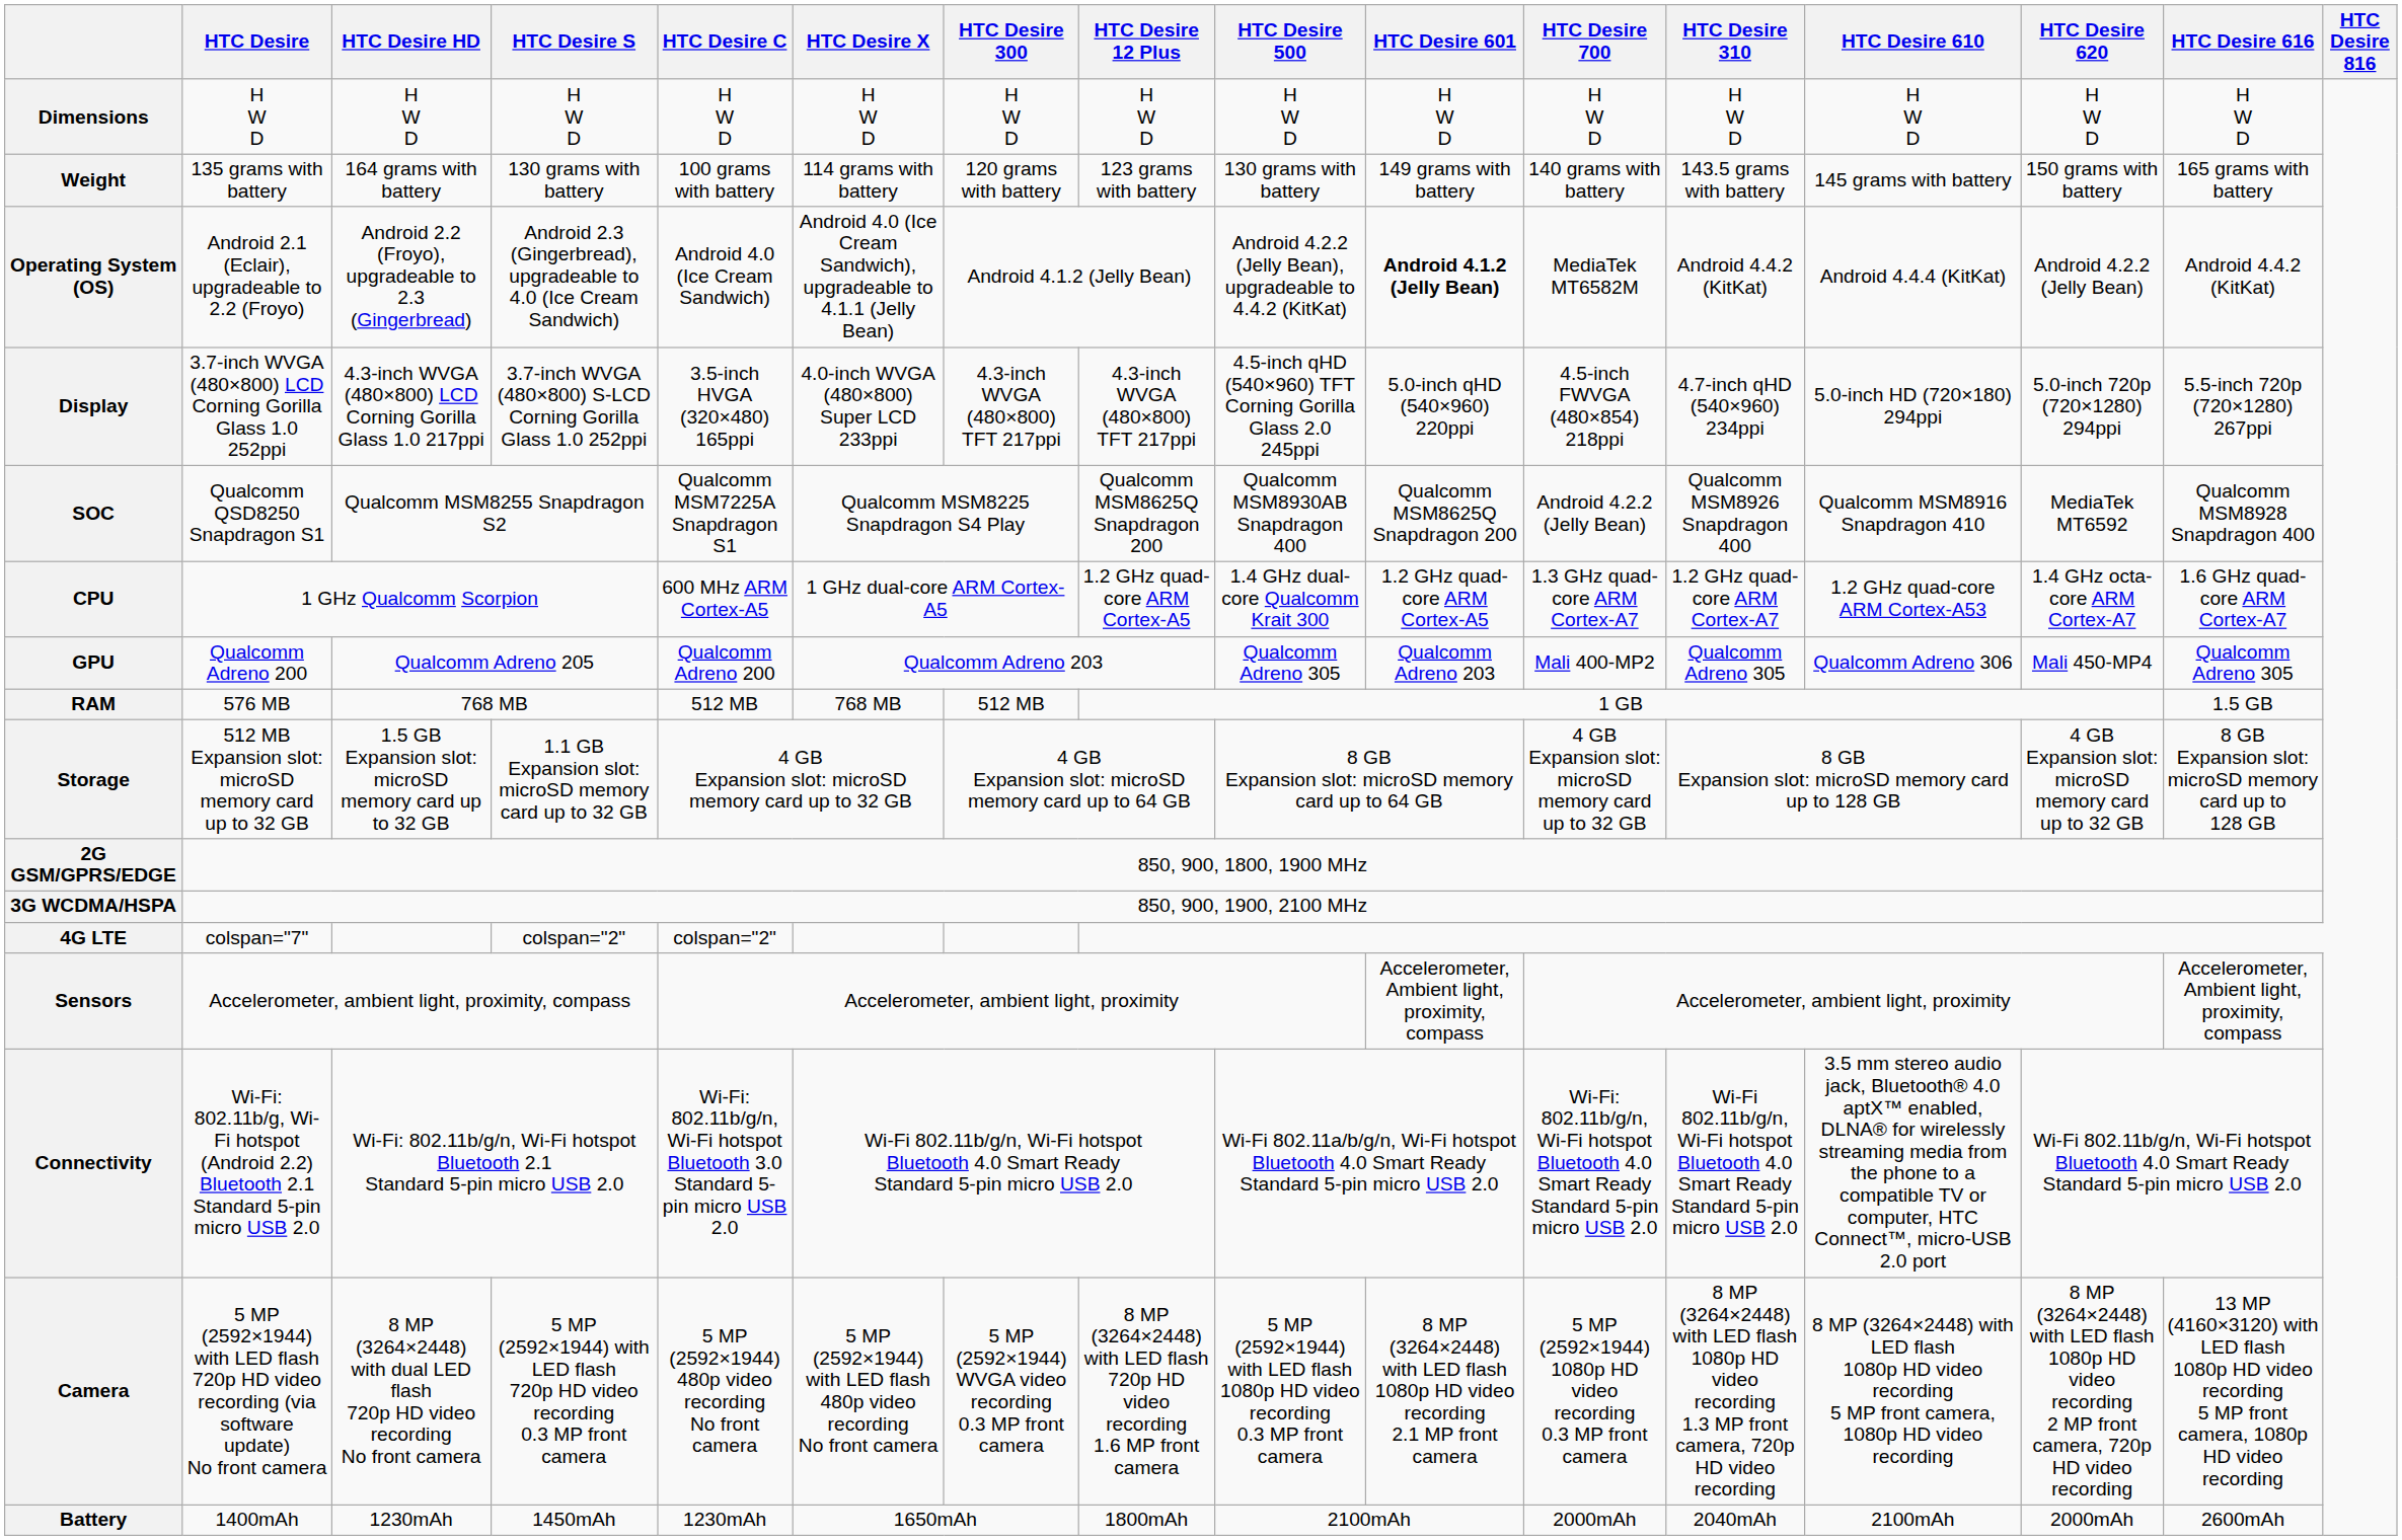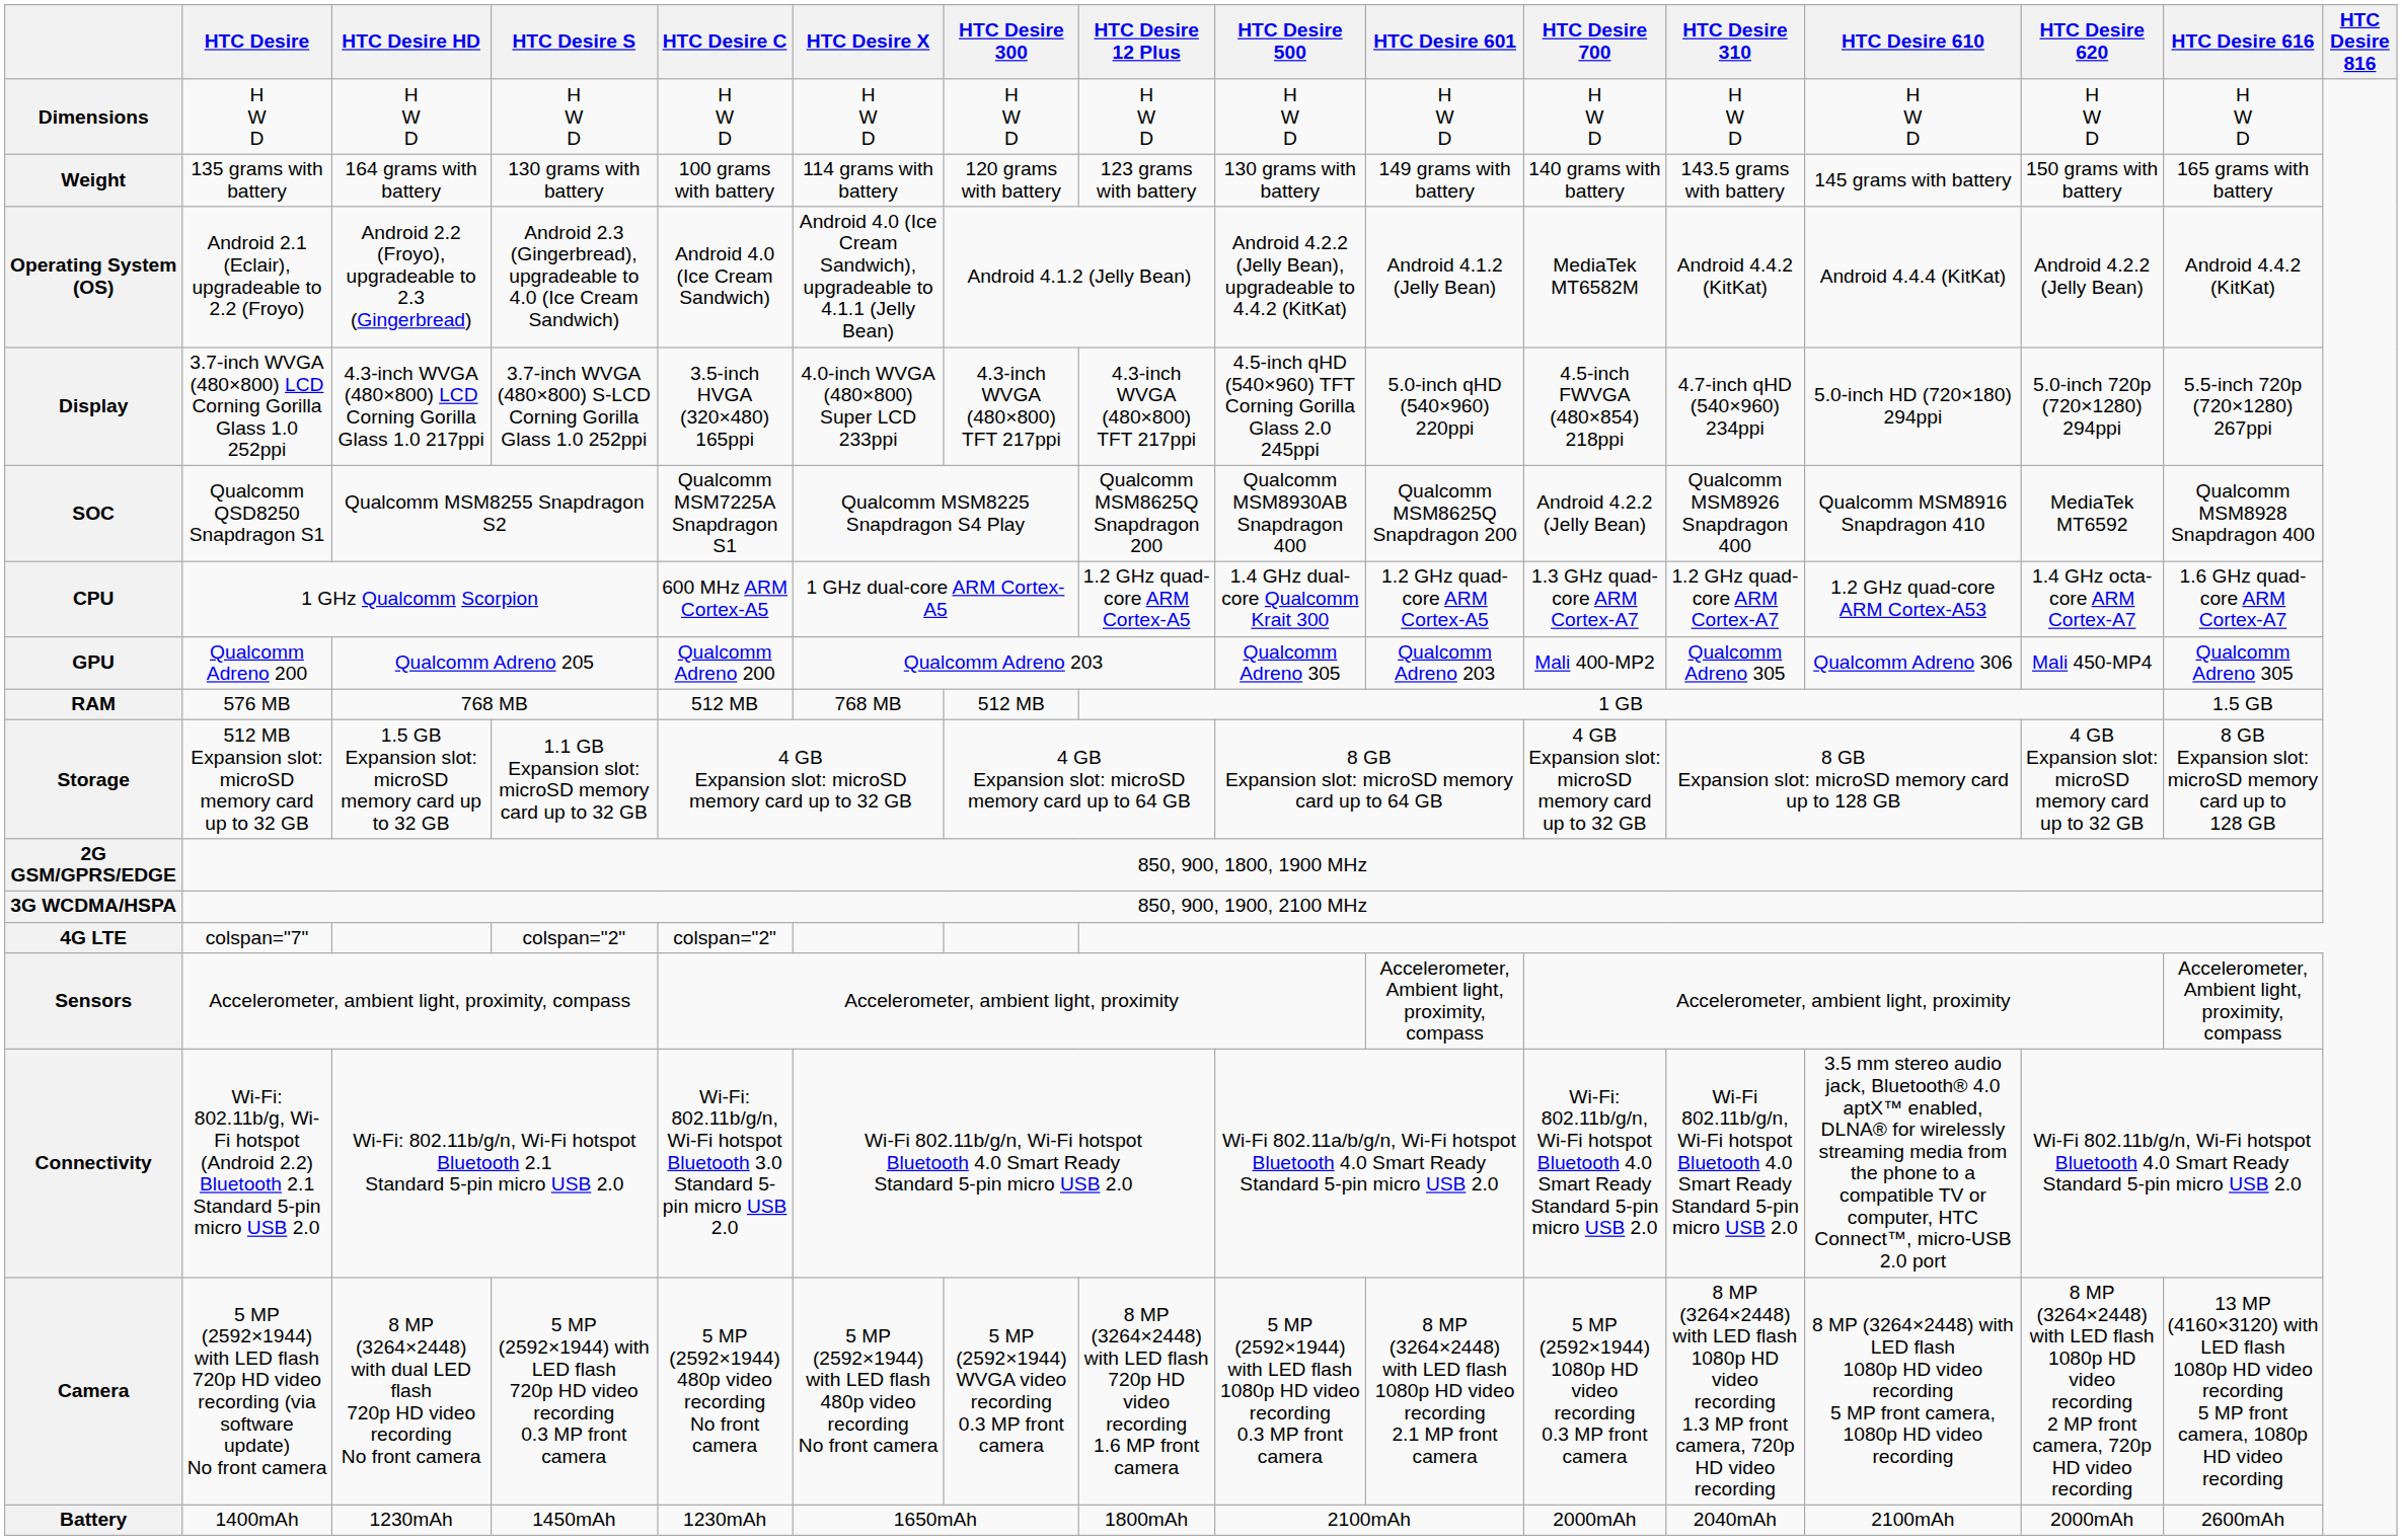 <table class="wikitable" style="text-align:center;">
 <tr>
 <th></th>
 <th><a href='#'>HTC Desire</a></th>
 <th><a href='#'>HTC Desire HD</a></th>
 <th><a href='#'>HTC Desire S</a></th>
 <th><a href='#'>HTC Desire C</a></th>
 <th><a href='#'>HTC Desire X</a></th>
 <th><a href='#'>HTC Desire 300</a></th>
 <th><a href='#'>HTC Desire 12 Plus</a></th>
 <th><a href='#'>HTC Desire 500</a></th>
 <th><a href='#'>HTC Desire 601</a></th>
 <th><a href='#'>HTC Desire 700</a></th>
 <th><a href='#'>HTC Desire 310</a></th>
 <th><a href='#'>HTC Desire 610</a></th>
 <th><a href='#'>HTC Desire 620</a></th>
 <th><a href='#'>HTC Desire 616</a></th>
 <th><a href='#'>HTC Desire 816</a></th>
 </tr>
 <tr>
 <th>Dimensions</th>
 <td>H <br>  W <br>  D </td>
 <td>H <br>  W <br>  D </td>
 <td>H <br>  W <br>  D </td>
 <td>H <br>  W <br>  D </td>
 <td>H <br>  W <br>  D </td>
 <td>H <br>  W <br>  D </td>
 <td>H <br>  W <br>  D </td>
 <td>H <br>  W <br>  D </td>
 <td>H <br>  W <br>  D </td>
 <td>H <br>  W <br>  D </td>
 <td>H <br>  W <br>  D </td>
 <td>H <br>  W <br>  D </td>
 <td>H <br>  W <br>  D </td>
 <td>H <br>  W <br>  D </td>
 </tr>
 <tr>
 <th>Weight</th>
 <td>135 grams with battery</td>
 <td>164 grams with battery</td>
 <td>130 grams with battery</td>
 <td>100 grams with battery</td>
 <td>114 grams with battery</td>
 <td>120 grams with battery</td>
 <td>123 grams with battery</td>
 <td>130 grams with battery</td>
 <td>149 grams with battery</td>
 <td>140 grams with battery</td>
 <td>143.5 grams with battery</td>
 <td>145 grams with battery</td>
 <td>150 grams with battery</td>
 <td>165 grams with battery</td>
 </tr>
 <tr>
 <th>Operating System (OS)</th>
 <td>Android 2.1 (Eclair), upgradeable to 2.2 (Froyo)</td>
 <td>Android 2.2 (Froyo), upgradeable to 2.3 (<a href='#'>Gingerbread</a>)</td>
 <td>Android 2.3 (Gingerbread), upgradeable to 4.0 (Ice Cream Sandwich)</td>
 <td>Android 4.0 (Ice Cream Sandwich)</td>
 <td>Android 4.0 (Ice Cream Sandwich), upgradeable to 4.1.1 (Jelly Bean)</td>
 <td colspan="2">Android 4.1.2 (Jelly Bean)</td>
 <td>Android 4.2.2 (Jelly Bean), upgradeable to 4.4.2 (KitKat)</td>
-<td><strong>Android 4.1.2 (Jelly Bean)</strong></td>
+<td>Android 4.1.2 (Jelly Bean)</td>
 <td>MediaTek MT6582M</td>
 <td>Android 4.4.2 (KitKat)</td>
 <td>Android 4.4.4 (KitKat)</td>
 <td>Android 4.2.2 (Jelly Bean)</td>
 <td>Android 4.4.2 (KitKat)</td>
 </tr>
 <tr>
 <th>Display</th>
 <td>3.7-inch WVGA (480×800) <a href='#'>LCD</a> Corning Gorilla Glass 1.0 252ppi</td>
 <td>4.3-inch WVGA (480×800) <a href='#'>LCD</a> Corning Gorilla Glass 1.0 217ppi</td>
 <td>3.7-inch WVGA (480×800) S-LCD Corning Gorilla Glass 1.0 252ppi</td>
 <td>3.5-inch HVGA (320×480) 165ppi</td>
 <td>4.0-inch WVGA (480×800) Super LCD 233ppi</td>
 <td>4.3-inch WVGA (480×800) TFT 217ppi</td>
 <td>4.3-inch WVGA (480×800) TFT 217ppi</td>
 <td>4.5-inch qHD (540×960) TFT Corning Gorilla Glass 2.0 245ppi</td>
 <td>5.0-inch qHD (540×960) 220ppi</td>
 <td>4.5-inch FWVGA (480×854) 218ppi</td>
 <td>4.7-inch qHD (540×960) 234ppi</td>
 <td>5.0-inch HD (720×180) 294ppi</td>
 <td>5.0-inch 720p (720×1280) 294ppi</td>
 <td>5.5-inch 720p (720×1280) 267ppi</td>
 </tr>
 <tr>
 <th>SOC</th>
 <td>Qualcomm QSD8250 Snapdragon S1</td>
 <td colspan="2">Qualcomm MSM8255 Snapdragon S2</td>
 <td>Qualcomm MSM7225A Snapdragon S1</td>
 <td colspan="2">Qualcomm MSM8225 Snapdragon S4 Play</td>
 <td>Qualcomm MSM8625Q Snapdragon 200</td>
 <td>Qualcomm MSM8930AB Snapdragon 400</td>
 <td>Qualcomm MSM8625Q Snapdragon 200</td>
 <td>Android 4.2.2 (Jelly Bean)</td>
 <td>Qualcomm MSM8926 Snapdragon 400</td>
 <td>Qualcomm MSM8916 Snapdragon 410</td>
 <td>MediaTek MT6592</td>
 <td>Qualcomm MSM8928 Snapdragon 400</td>
 </tr>
 <tr>
 <th>CPU</th>
 <td colspan="3">1 GHz <a href='#'>Qualcomm</a> <a href='#'>Scorpion</a></td>
 <td>600 MHz <a href='#'>ARM Cortex-A5</a></td>
 <td colspan="2">1 GHz dual-core <a href='#'>ARM Cortex-A5</a></td>
 <td>1.2 GHz quad-core <a href='#'>ARM Cortex-A5</a></td>
 <td>1.4 GHz dual-core <a href='#'>Qualcomm</a> <a href='#'>Krait 300</a></td>
 <td>1.2 GHz quad-core <a href='#'>ARM Cortex-A5</a></td>
 <td>1.3 GHz quad-core <a href='#'>ARM Cortex-A7</a></td>
 <td>1.2 GHz quad-core <a href='#'>ARM Cortex-A7</a></td>
 <td>1.2 GHz quad-core <a href='#'>ARM Cortex-A53</a></td>
 <td>1.4 GHz octa-core <a href='#'>ARM Cortex-A7</a></td>
 <td>1.6 GHz quad-core <a href='#'>ARM Cortex-A7</a></td>
 </tr>
 <tr>
 <th>GPU</th>
 <td><a href='#'>Qualcomm Adreno</a> 200</td>
 <td colspan="2"><a href='#'>Qualcomm Adreno</a> 205</td>
 <td><a href='#'>Qualcomm Adreno</a> 200</td>
 <td colspan="3"><a href='#'>Qualcomm Adreno</a> 203</td>
 <td><a href='#'>Qualcomm Adreno</a> 305</td>
 <td><a href='#'>Qualcomm Adreno</a> 203</td>
 <td><a href='#'>Mali</a> 400-MP2</td>
 <td><a href='#'>Qualcomm Adreno</a> 305</td>
 <td><a href='#'>Qualcomm Adreno</a> 306</td>
 <td><a href='#'>Mali</a> 450-MP4</td>
 <td><a href='#'>Qualcomm Adreno</a> 305</td>
 </tr>
 <tr>
 <th>RAM</th>
 <td>576 MB</td>
 <td colspan="2">768 MB</td>
 <td>512 MB</td>
 <td>768 MB</td>
 <td>512 MB</td>
 <td colspan="7">1 GB</td>
 <td>1.5 GB</td>
 </tr>
 <tr>
 <th>Storage</th>
 <td>512 MB<br>Expansion slot: microSD memory card up to 32 GB</td>
 <td>1.5 GB<br>Expansion slot: microSD memory card up to 32 GB</td>
 <td>1.1 GB<br>Expansion slot: microSD memory card up to 32 GB</td>
 <td colspan="2">4 GB<br>Expansion slot: microSD memory card up to 32 GB</td>
 <td colspan="2">4 GB<br>Expansion slot: microSD memory card up to 64 GB</td>
 <td colspan="2">8 GB<br>Expansion slot: microSD memory card up to 64 GB</td>
 <td>4 GB<br>Expansion slot: microSD memory card up to 32 GB</td>
 <td colspan="2">8 GB<br>Expansion slot: microSD memory card up to 128 GB</td>
 <td>4 GB<br>Expansion slot: microSD memory card up to 32 GB</td>
 <td>8 GB<br>Expansion slot: microSD memory card up to 128 GB</td>
 </tr>
 <tr>
 <th>2G GSM/GPRS/EDGE</th>
 <td colspan="14">850, 900, 1800, 1900 MHz</td>
 </tr>
 <tr>
 <th>3G WCDMA/HSPA</th>
 <td colspan="14">850, 900, 1900, 2100 MHz</td>
 </tr>
 <tr>
 <th>4G LTE</th>
 <td>colspan="7"    </td>
 <td></td>
 <td>colspan="2"    </td>
 <td>colspan="2"    </td>
 <td></td>
 <td></td>
 </tr>
 <tr>
 <th>Sensors</th>
 <td colspan="3">Accelerometer, ambient light, proximity, compass</td>
 <td colspan="5">Accelerometer, ambient light, proximity</td>
 <td>Accelerometer, Ambient light, proximity, compass</td>
 <td colspan="4">Accelerometer, ambient light, proximity</td>
 <td>Accelerometer, Ambient light, proximity, compass</td>
 </tr>
 <tr>
 <th>Connectivity</th>
 <td>Wi-Fi: 802.11b/g, Wi-Fi hotspot (Android 2.2)<br><a href='#'>Bluetooth</a> 2.1<br>Standard 5-pin micro <a href='#'>USB</a> 2.0</td>
 <td colspan="2">Wi-Fi: 802.11b/g/n, Wi-Fi hotspot<br><a href='#'>Bluetooth</a> 2.1<br>Standard 5-pin micro <a href='#'>USB</a> 2.0</td>
 <td>Wi-Fi: 802.11b/g/n, Wi-Fi hotspot<br><a href='#'>Bluetooth</a> 3.0<br>Standard 5-pin micro <a href='#'>USB</a> 2.0</td>
 <td colspan="3">Wi-Fi 802.11b/g/n, Wi-Fi hotspot<br><a href='#'>Bluetooth</a> 4.0 Smart Ready<br>Standard 5-pin micro <a href='#'>USB</a> 2.0</td>
 <td colspan="2">Wi-Fi 802.11a/b/g/n, Wi-Fi hotspot<br><a href='#'>Bluetooth</a> 4.0 Smart Ready<br>Standard 5-pin micro <a href='#'>USB</a> 2.0</td>
 <td>Wi-Fi: 802.11b/g/n, Wi-Fi hotspot<br><a href='#'>Bluetooth</a> 4.0 Smart Ready<br>Standard 5-pin micro <a href='#'>USB</a> 2.0</td>
 <td>Wi-Fi 802.11b/g/n, Wi-Fi hotspot<br> <a href='#'>Bluetooth</a> 4.0 Smart Ready<br>Standard 5-pin micro <a href='#'>USB</a> 2.0</td>
 <td>3.5 mm stereo audio jack, Bluetooth® 4.0 aptX™ enabled, DLNA® for wirelessly streaming media from the phone to a compatible TV or computer, HTC Connect™, micro-USB 2.0 port</td>
 <td colspan="2">Wi-Fi 802.11b/g/n, Wi-Fi hotspot<br> <a href='#'>Bluetooth</a> 4.0 Smart Ready<br>Standard 5-pin micro <a href='#'>USB</a> 2.0</td>
 </tr>
 <tr>
 <th>Camera</th>
 <td>5 MP (2592×1944) with LED flash <br>720p HD video recording (via software update) <br>No front camera</td>
 <td>8 MP (3264×2448) with dual LED flash <br>720p HD video recording <br>No front camera</td>
 <td>5 MP (2592×1944) with LED flash <br>720p HD video recording <br>0.3 MP front camera</td>
 <td>5 MP (2592×1944) <br>480p video recording <br>No front camera</td>
 <td>5 MP (2592×1944) with LED flash <br>480p video recording <br>No front camera</td>
 <td>5 MP (2592×1944) <br>WVGA video recording <br>0.3 MP front camera</td>
 <td>8 MP (3264×2448) with LED flash <br>720p HD video recording <br>1.6 MP front camera</td>
 <td>5 MP (2592×1944) with LED flash <br>1080p HD video recording <br>0.3 MP front camera</td>
 <td>8 MP (3264×2448) with LED flash <br>1080p HD video recording <br>2.1 MP front camera</td>
 <td>5 MP (2592×1944) <br>1080p HD video recording <br>0.3 MP front camera</td>
 <td>8 MP (3264×2448) with LED flash <br>1080p HD video recording <br>1.3 MP front camera, 720p HD video recording</td>
 <td>8 MP (3264×2448) with LED flash <br>1080p HD video recording <br>5 MP front camera, 1080p HD video recording</td>
 <td>8 MP (3264×2448) with LED flash <br>1080p HD video recording <br>2 MP front camera, 720p HD video recording</td>
 <td>13 MP (4160×3120) with LED flash <br>1080p HD video recording <br>5 MP front camera, 1080p HD video recording</td>
 </tr>
 <tr>
 <th>Battery</th>
 <td>1400mAh</td>
 <td>1230mAh</td>
 <td>1450mAh</td>
 <td>1230mAh</td>
 <td colspan="2">1650mAh</td>
 <td>1800mAh</td>
 <td colspan="2">2100mAh</td>
 <td>2000mAh</td>
 <td>2040mAh</td>
 <td>2100mAh</td>
 <td>2000mAh</td>
 <td>2600mAh</td>
 </tr>
 </table>
